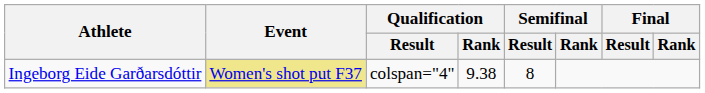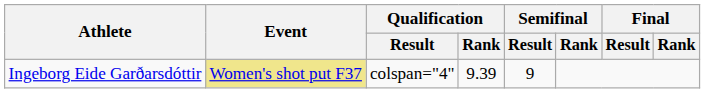 <table class="wikitable" style="font-size:90%">
 <tr>
 <th rowspan="2">Athlete</th>
 <th rowspan="2">Event</th>
 <th colspan="2">Qualification</th>
 <th colspan="2">Semifinal</th>
 <th colspan="2">Final</th>
 </tr>
 <tr style="font-size:95%">
 <th>Result</th>
 <th>Rank</th>
 <th>Result</th>
 <th>Rank</th>
 <th>Result</th>
 <th>Rank</th>
 </tr>
 <tr align=center>
 <td align=left><a href='#'>Ingeborg Eide Garðarsdóttir</a></td>
 <td align=left style="background: khaki;"><a href='#'> Women's shot put F37</a></td>
 <td>colspan="4" </td>
-<td>9.38</td>
-<td>8</td>
+<td>9.39</td>
+<td>9</td>
 </tr>
 </table>
